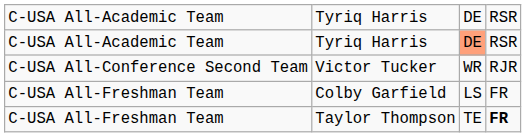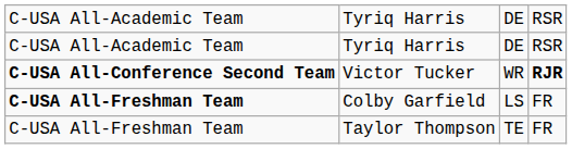 <table class="wikitable">
 <tr>
 <td>C-USA All-Academic Team</td>
 <td>Tyriq Harris</td>
 <td>DE</td>
 <td>RSR</td>
 </tr>
 <tr>
 <td>C-USA All-Academic Team</td>
 <td>Tyriq Harris</td>
-<td style="background: lightsalmon;">DE</td>
+<td>DE</td>
 <td>RSR</td>
 </tr>
 <tr>
-<td>C-USA All-Conference Second Team</td>
+<td><strong>C-USA All-Conference Second Team</strong></td>
 <td>Victor Tucker</td>
 <td>WR</td>
-<td>RJR</td>
+<td><strong>RJR</strong></td>
 </tr>
 <tr>
-<td>C-USA All-Freshman Team</td>
+<td><strong>C-USA All-Freshman Team</strong></td>
 <td>Colby Garfield</td>
 <td>LS</td>
 <td>FR</td>
 </tr>
 <tr>
 <td>C-USA All-Freshman Team</td>
 <td>Taylor Thompson</td>
 <td>TE</td>
-<td><strong>FR</strong></td>
+<td>FR</td>
 </tr>
 </table>
